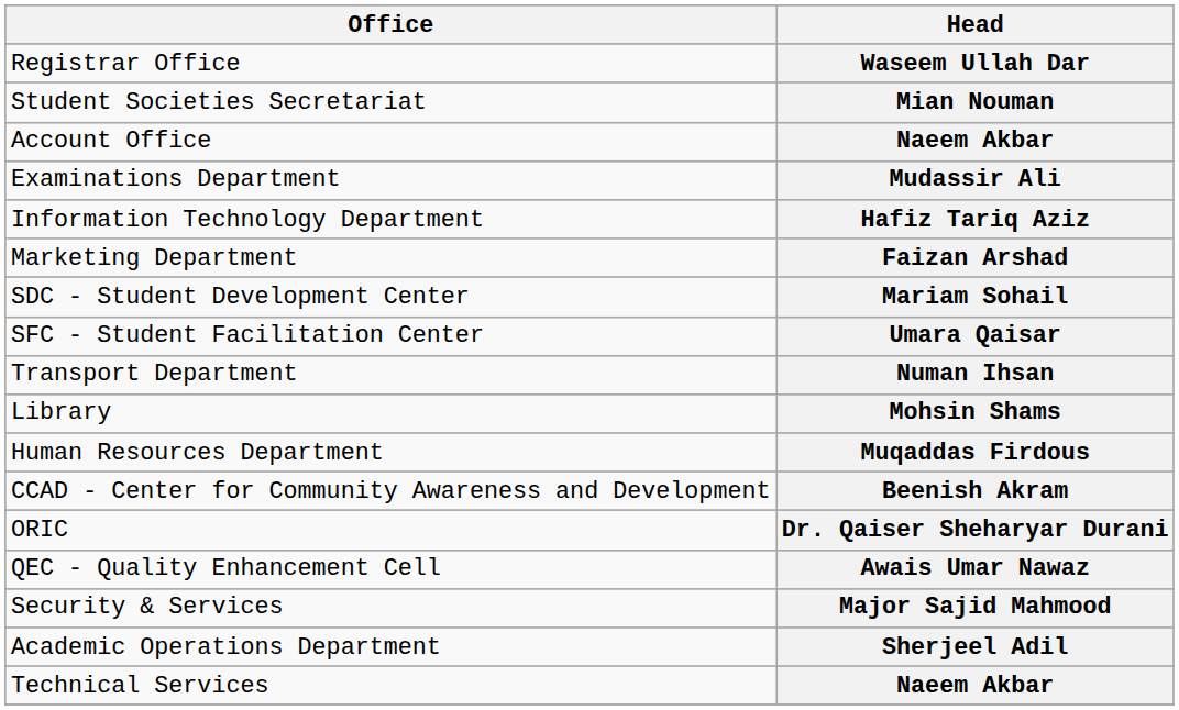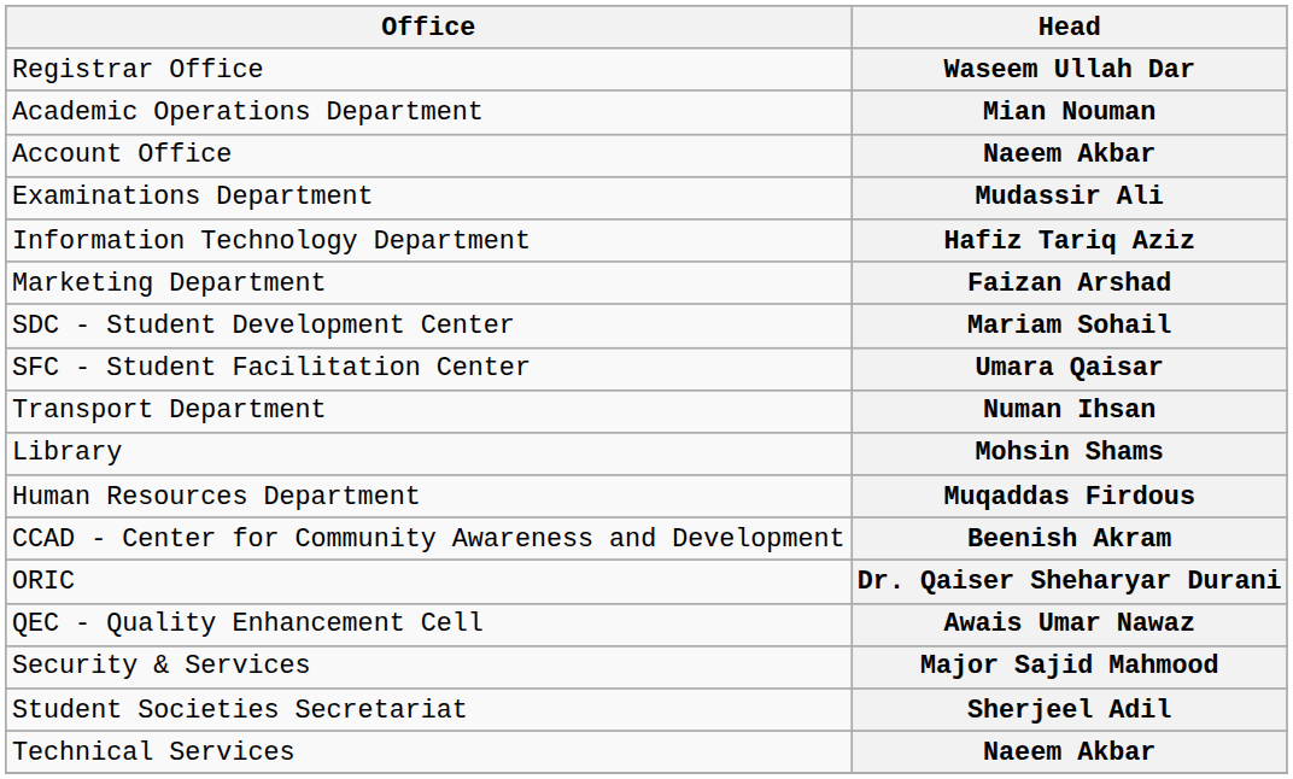 <table class="wikitable sortable plainrowheaders">
 <tr style="background:#ccc; text-align:center;">
 <th scope="col">Office</th>
 <th scope="col">Head</th>
 </tr>
 <tr>
 <td>Registrar Office</td>
 <th scope="row">Waseem Ullah Dar</th>
 </tr>
 <tr>
-<td>Student Societies Secretariat</td>
+<td>Academic Operations Department</td>
 <th scope="row">Mian Nouman</th>
 </tr>
 <tr>
 <td>Account Office</td>
 <th scope="row">Naeem Akbar</th>
 </tr>
 <tr>
 <td>Examinations Department</td>
 <th scope="row">Mudassir Ali</th>
 </tr>
 <tr>
 <td>Information Technology Department</td>
 <th scope="row">Hafiz Tariq Aziz</th>
 </tr>
 <tr>
 <td>Marketing Department</td>
 <th scope="row">Faizan Arshad</th>
 </tr>
 <tr>
 <td>SDC - Student Development Center</td>
 <th scope="row">Mariam Sohail</th>
 </tr>
 <tr>
 <td>SFC - Student Facilitation Center</td>
 <th scope="row">Umara Qaisar</th>
 </tr>
 <tr>
 <td>Transport Department</td>
 <th scope="row">Numan Ihsan</th>
 </tr>
 <tr>
 <td>Library</td>
 <th scope="row">Mohsin Shams</th>
 </tr>
 <tr>
 <td>Human Resources Department</td>
 <th scope="row">Muqaddas Firdous</th>
 </tr>
 <tr>
 <td>CCAD - Center for Community Awareness and Development</td>
 <th scope="row">Beenish Akram</th>
 </tr>
 <tr>
 <td>ORIC</td>
 <th scope="row">Dr. Qaiser Sheharyar Durani</th>
 </tr>
 <tr>
 <td>QEC - Quality Enhancement Cell</td>
 <th scope="row">Awais Umar Nawaz</th>
 </tr>
 <tr>
 <td>Security & Services</td>
 <th scope="row">Major Sajid Mahmood</th>
 </tr>
 <tr>
-<td>Academic Operations Department</td>
+<td>Student Societies Secretariat</td>
 <th scope="row">Sherjeel Adil</th>
 </tr>
 <tr>
 <td>Technical Services</td>
 <th scope="row">Naeem Akbar</th>
 </tr>
 <tr>
 </tr>
 </table>
